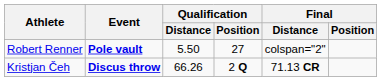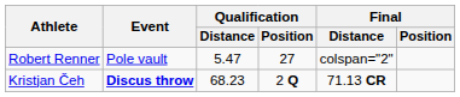 <table class=wikitable style=font-size:90%>
 <tr>
 <th rowspan=2>Athlete</th>
 <th rowspan=2>Event</th>
 <th colspan=2>Qualification</th>
 <th colspan=2>Final</th>
 </tr>
 <tr style=font-size:95%>
 <th>Distance</th>
 <th>Position</th>
 <th>Distance</th>
 <th>Position</th>
 </tr>
 <tr align=center>
 <td align=left><a href='#'>Robert Renner</a></td>
-<td align=left><strong><a href='#'>Pole vault</a></strong></td>
-<td>5.50</td>
+<td align=left><a href='#'>Pole vault</a></td>
+<td>5.47</td>
 <td>27</td>
 <td>colspan="2" </td>
 </tr>
 <tr align=center>
 <td align=left><a href='#'>Kristjan Čeh</a></td>
 <td align=left><strong><a href='#'>Discus throw</a></strong></td>
-<td>66.26</td>
+<td>68.23</td>
 <td>2 <strong>Q</strong></td>
 <td>71.13 <strong>CR</strong></td>
 <td></td>
 </tr>
 </table>
